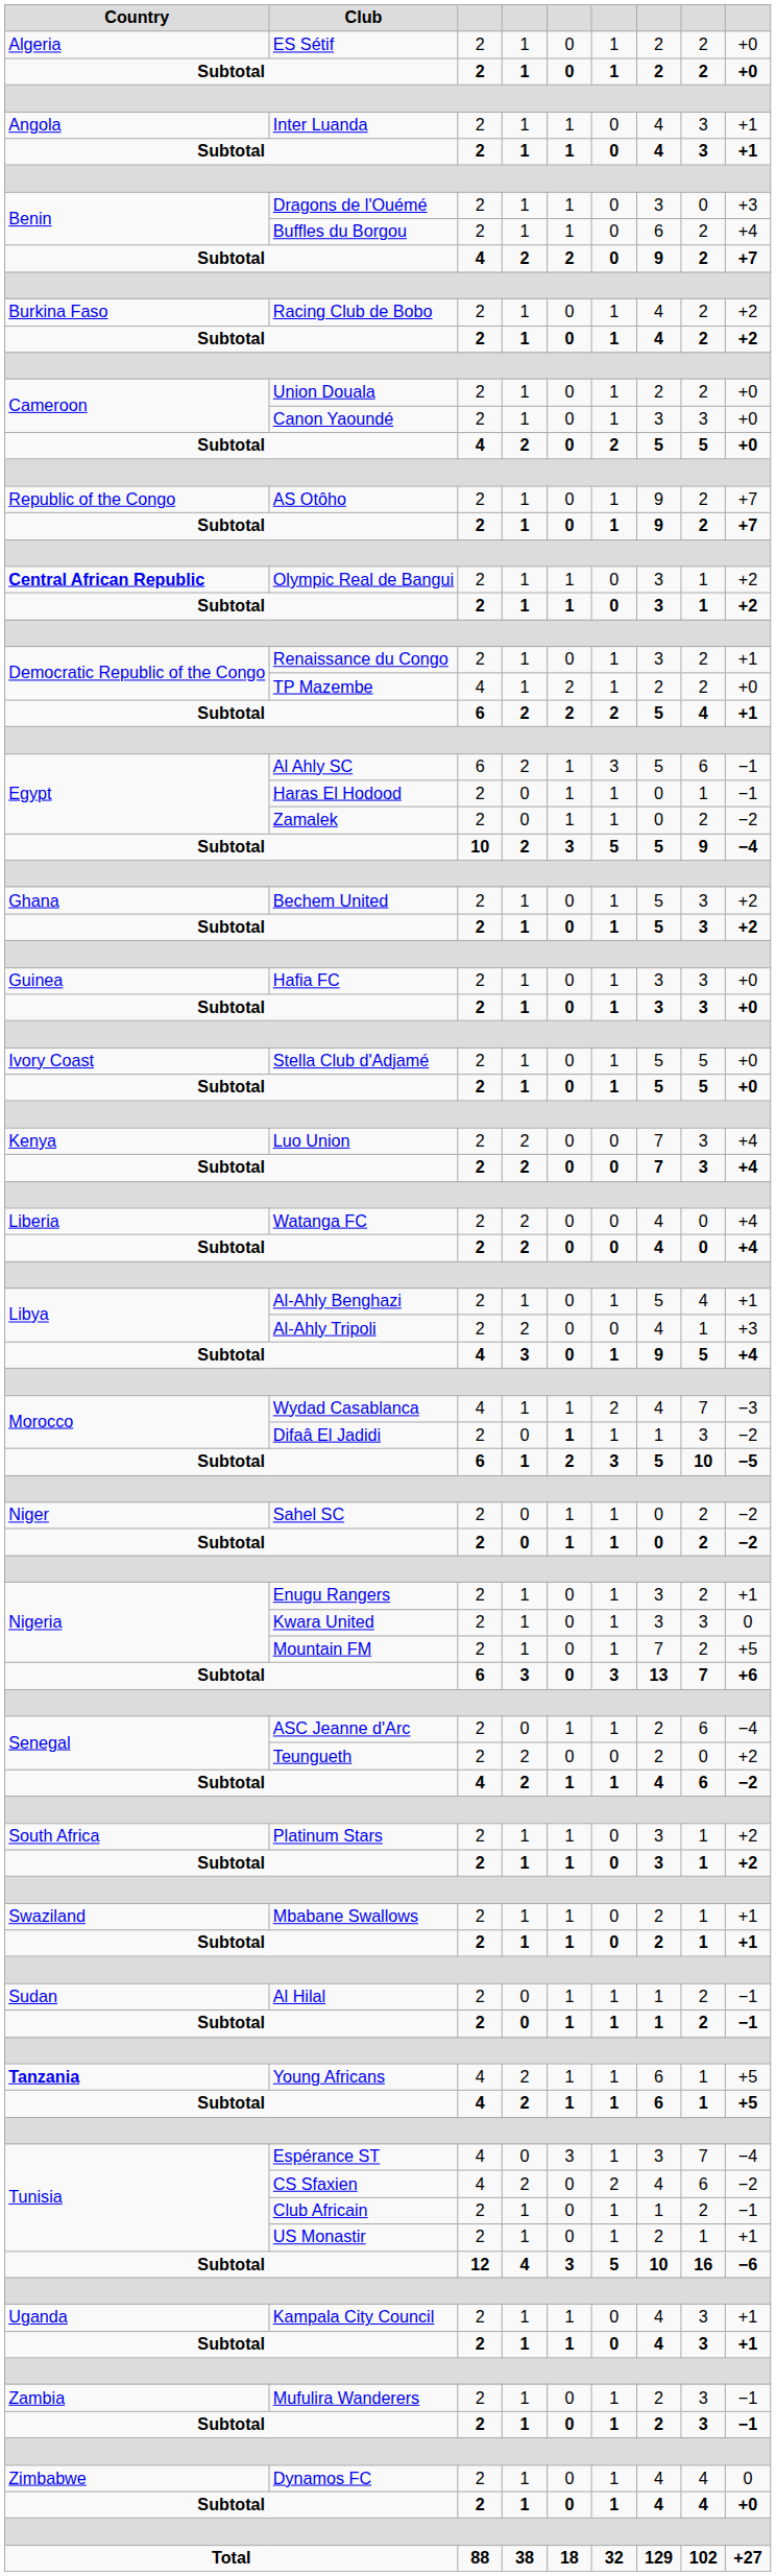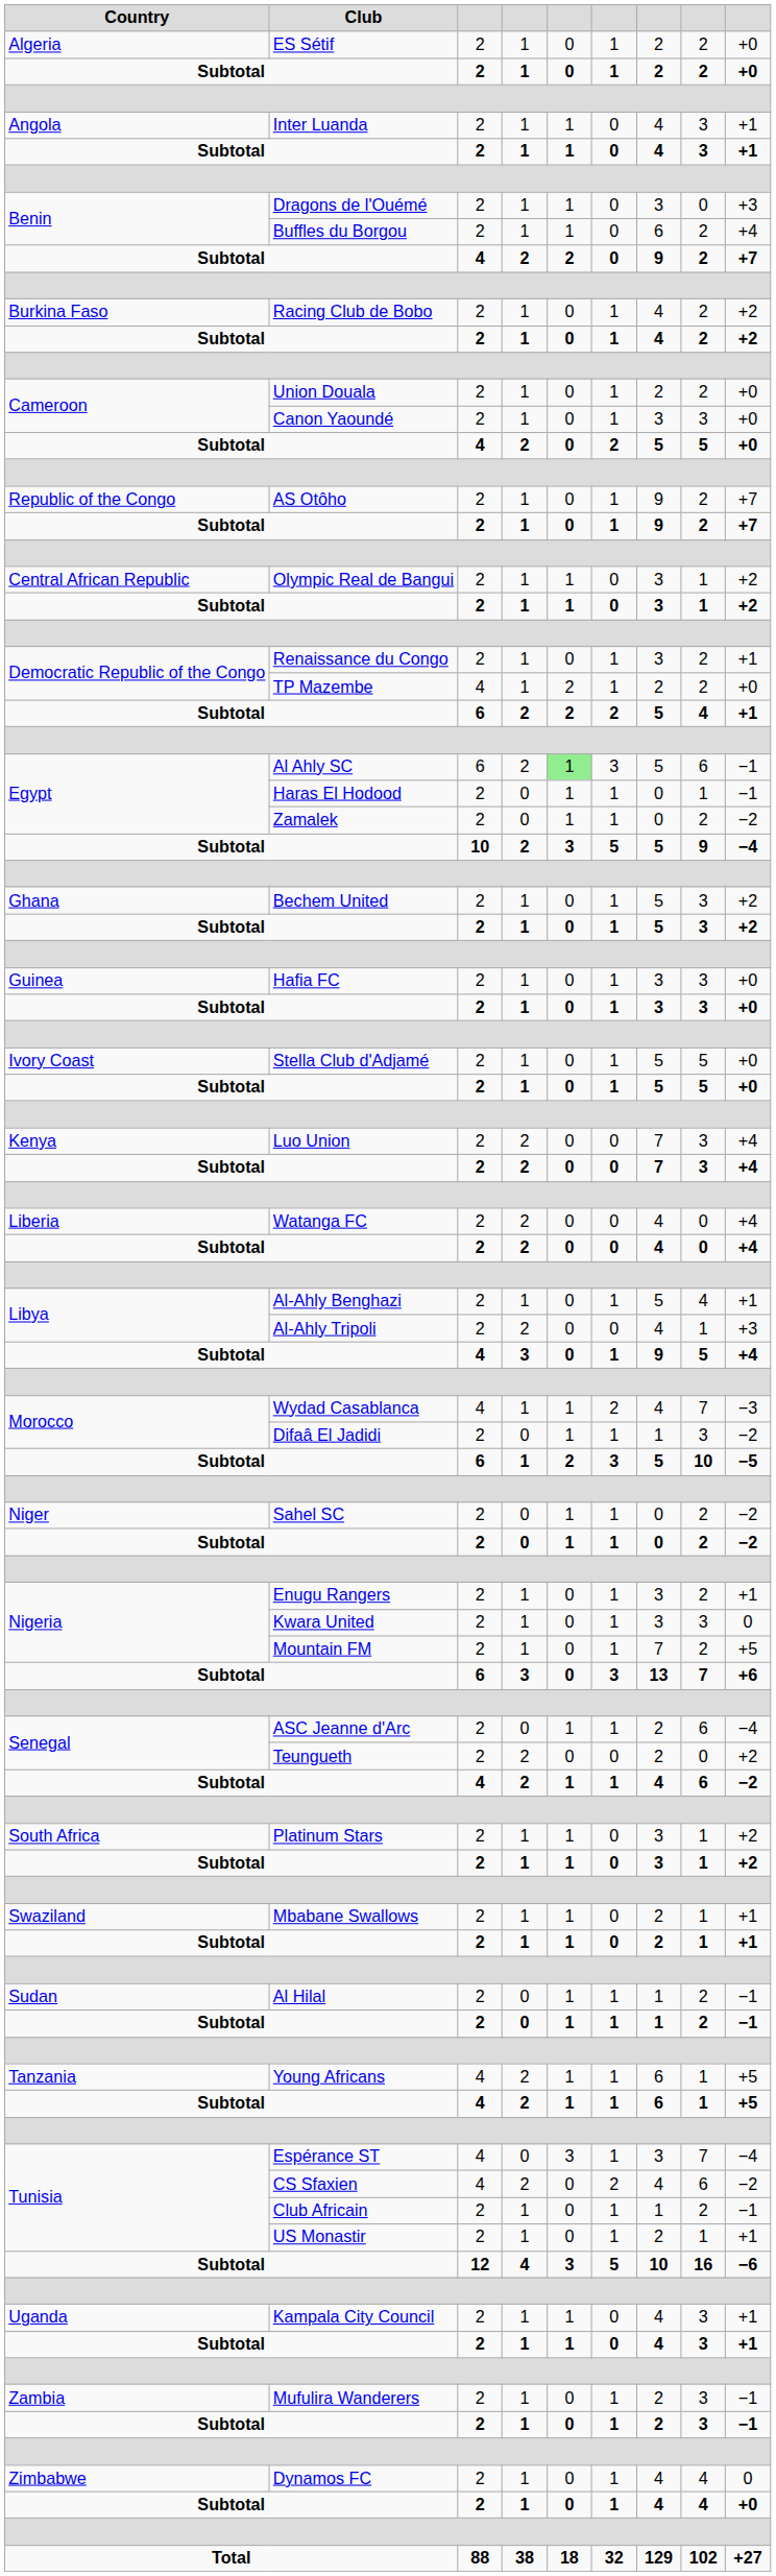 <table class="wikitable" style="text-align: center;">
 <tr>
 <th style="background:#DCDCDC">Country</th>
 <th style="background:#DCDCDC">Club</th>
 <th width="35" style="background:#DCDCDC"></th>
 <th width="35" style="background:#DCDCDC"></th>
 <th width="35" style="background:#DCDCDC"></th>
 <th width="35" style="background:#DCDCDC"></th>
 <th width="35" style="background:#DCDCDC"></th>
 <th width="35" style="background:#DCDCDC"></th>
 <th width="35" style="background:#DCDCDC"></th>
 </tr>
 <tr>
 <td align=left> <a href='#'>Algeria</a></td>
 <td align=left><a href='#'>ES Sétif</a></td>
 <td>2</td>
 <td>1</td>
 <td>0</td>
 <td>1</td>
 <td>2</td>
 <td>2</td>
 <td>+0</td>
 </tr>
 <tr>
 <td colspan=2 align-"center"><strong>Subtotal</strong></td>
 <td><strong>2</strong></td>
 <td><strong>1</strong></td>
 <td><strong>0</strong></td>
 <td><strong>1</strong></td>
 <td><strong>2</strong></td>
 <td><strong>2</strong></td>
 <td><strong>+0</strong></td>
 </tr>
 <tr>
 <th colspan=9 height="18" style="background:#DCDCDC"></th>
 </tr>
 <tr>
 <td align=left> <a href='#'>Angola</a></td>
 <td align=left><a href='#'>Inter Luanda</a></td>
 <td>2</td>
 <td>1</td>
 <td>1</td>
 <td>0</td>
 <td>4</td>
 <td>3</td>
 <td>+1</td>
 </tr>
 <tr>
 <td colspan=2 align-"center"><strong>Subtotal</strong></td>
 <td><strong>2</strong></td>
 <td><strong>1</strong></td>
 <td><strong>1</strong></td>
 <td><strong>0</strong></td>
 <td><strong>4</strong></td>
 <td><strong>3</strong></td>
 <td><strong>+1</strong></td>
 </tr>
 <tr>
 <th colspan=9 height="18" style="background:#DCDCDC"></th>
 </tr>
 <tr>
 <td rowspan=2 align=left> <a href='#'>Benin</a></td>
 <td align=left><a href='#'>Dragons de l'Ouémé</a></td>
 <td>2</td>
 <td>1</td>
 <td>1</td>
 <td>0</td>
 <td>3</td>
 <td>0</td>
 <td>+3</td>
 </tr>
 <tr>
 <td align=left><a href='#'>Buffles du Borgou</a></td>
 <td>2</td>
 <td>1</td>
 <td>1</td>
 <td>0</td>
 <td>6</td>
 <td>2</td>
 <td>+4</td>
 </tr>
 <tr>
 <td colspan=2 align-"center"><strong>Subtotal</strong></td>
 <td><strong>4</strong></td>
 <td><strong>2</strong></td>
 <td><strong>2</strong></td>
 <td><strong>0</strong></td>
 <td><strong>9</strong></td>
 <td><strong>2</strong></td>
 <td><strong>+7</strong></td>
 </tr>
 <tr>
 <th colspan=9 height="18" style="background:#DCDCDC"></th>
 </tr>
 <tr>
 <td align=left> <a href='#'>Burkina Faso</a></td>
 <td align=left><a href='#'>Racing Club de Bobo</a></td>
 <td>2</td>
 <td>1</td>
 <td>0</td>
 <td>1</td>
 <td>4</td>
 <td>2</td>
 <td>+2</td>
 </tr>
 <tr>
 <td colspan=2 align-"center"><strong>Subtotal</strong></td>
 <td><strong>2</strong></td>
 <td><strong>1</strong></td>
 <td><strong>0</strong></td>
 <td><strong>1</strong></td>
 <td><strong>4</strong></td>
 <td><strong>2</strong></td>
 <td><strong>+2</strong></td>
 </tr>
 <tr>
 <th colspan=9 height="18" style="background:#DCDCDC"></th>
 </tr>
 <tr>
 <td rowspan=2 align=left> <a href='#'>Cameroon</a></td>
 <td align=left><a href='#'>Union Douala</a></td>
 <td>2</td>
 <td>1</td>
 <td>0</td>
 <td>1</td>
 <td>2</td>
 <td>2</td>
 <td>+0</td>
 </tr>
 <tr>
 <td align=left><a href='#'>Canon Yaoundé</a></td>
 <td>2</td>
 <td>1</td>
 <td>0</td>
 <td>1</td>
 <td>3</td>
 <td>3</td>
 <td>+0</td>
 </tr>
 <tr>
 <td colspan=2 align-"center"><strong>Subtotal</strong></td>
 <td><strong>4</strong></td>
 <td><strong>2</strong></td>
 <td><strong>0</strong></td>
 <td><strong>2</strong></td>
 <td><strong>5</strong></td>
 <td><strong>5</strong></td>
 <td><strong>+0</strong></td>
 </tr>
 <tr>
 <th colspan=9 height="18" style="background:#DCDCDC"></th>
 </tr>
 <tr>
 <td align=left> <a href='#'>Republic of the Congo</a></td>
 <td align=left><a href='#'>AS Otôho</a></td>
 <td>2</td>
 <td>1</td>
 <td>0</td>
 <td>1</td>
 <td>9</td>
 <td>2</td>
 <td>+7</td>
 </tr>
 <tr>
 <td colspan=2 align-"center"><strong>Subtotal</strong></td>
 <td><strong>2</strong></td>
 <td><strong>1</strong></td>
 <td><strong>0</strong></td>
 <td><strong>1</strong></td>
 <td><strong>9</strong></td>
 <td><strong>2</strong></td>
 <td><strong>+7</strong></td>
 </tr>
 <tr>
 <th colspan=9 height="18" style="background:#DCDCDC"></th>
 </tr>
 <tr>
-<td align=left><strong> <a href='#'>Central African Republic</a></strong></td>
+<td align=left> <a href='#'>Central African Republic</a></td>
 <td align=left><a href='#'>Olympic Real de Bangui</a></td>
 <td>2</td>
 <td>1</td>
 <td>1</td>
 <td>0</td>
 <td>3</td>
 <td>1</td>
 <td>+2</td>
 </tr>
 <tr>
 <td colspan=2 align-"center"><strong>Subtotal</strong></td>
 <td><strong>2</strong></td>
 <td><strong>1</strong></td>
 <td><strong>1</strong></td>
 <td><strong>0</strong></td>
 <td><strong>3</strong></td>
 <td><strong>1</strong></td>
 <td><strong>+2</strong></td>
 </tr>
 <tr>
 <th colspan=9 height="18" style="background:#DCDCDC"></th>
 </tr>
 <tr>
 <td rowspan=2 align=left> <a href='#'>Democratic Republic of the Congo</a></td>
 <td align=left><a href='#'>Renaissance du Congo</a></td>
 <td>2</td>
 <td>1</td>
 <td>0</td>
 <td>1</td>
 <td>3</td>
 <td>2</td>
 <td>+1</td>
 </tr>
 <tr>
 <td align=left><a href='#'>TP Mazembe</a></td>
 <td>4</td>
 <td>1</td>
 <td>2</td>
 <td>1</td>
 <td>2</td>
 <td>2</td>
 <td>+0</td>
 </tr>
 <tr>
 <td colspan=2 align-"center"><strong>Subtotal</strong></td>
 <td><strong>6</strong></td>
 <td><strong>2</strong></td>
 <td><strong>2</strong></td>
 <td><strong>2</strong></td>
 <td><strong>5</strong></td>
 <td><strong>4</strong></td>
 <td><strong>+1</strong></td>
 </tr>
 <tr>
 <th colspan=9 height="18" style="background:#DCDCDC"></th>
 </tr>
 <tr>
 <td rowspan=3 align=left> <a href='#'>Egypt</a></td>
 <td align=left><a href='#'>Al Ahly SC</a></td>
 <td>6</td>
 <td>2</td>
-<td>1</td>
+<td style="background: lightgreen;">1</td>
 <td>3</td>
 <td>5</td>
 <td>6</td>
 <td>−1</td>
 </tr>
 <tr>
 <td align=left><a href='#'>Haras El Hodood</a></td>
 <td>2</td>
 <td>0</td>
 <td>1</td>
 <td>1</td>
 <td>0</td>
 <td>1</td>
 <td>−1</td>
 </tr>
 <tr>
 <td align=left><a href='#'>Zamalek</a></td>
 <td>2</td>
 <td>0</td>
 <td>1</td>
 <td>1</td>
 <td>0</td>
 <td>2</td>
 <td>−2</td>
 </tr>
 <tr>
 <td colspan=2 align-"center"><strong>Subtotal</strong></td>
 <td><strong>10</strong></td>
 <td><strong>2</strong></td>
 <td><strong>3</strong></td>
 <td><strong>5</strong></td>
 <td><strong>5</strong></td>
 <td><strong>9</strong></td>
 <td><strong>−4</strong></td>
 </tr>
 <tr>
 <th colspan=9 height="18" style="background:#DCDCDC"></th>
 </tr>
 <tr>
 <td align=left> <a href='#'>Ghana</a></td>
 <td align=left><a href='#'>Bechem United</a></td>
 <td>2</td>
 <td>1</td>
 <td>0</td>
 <td>1</td>
 <td>5</td>
 <td>3</td>
 <td>+2</td>
 </tr>
 <tr>
 <td colspan=2 align-"center"><strong>Subtotal</strong></td>
 <td><strong>2</strong></td>
 <td><strong>1</strong></td>
 <td><strong>0</strong></td>
 <td><strong>1</strong></td>
 <td><strong>5</strong></td>
 <td><strong>3</strong></td>
 <td><strong>+2</strong></td>
 </tr>
 <tr>
 <th colspan=9 height="18" style="background:#DCDCDC"></th>
 </tr>
 <tr>
 <td align=left> <a href='#'>Guinea</a></td>
 <td align=left><a href='#'>Hafia FC</a></td>
 <td>2</td>
 <td>1</td>
 <td>0</td>
 <td>1</td>
 <td>3</td>
 <td>3</td>
 <td>+0</td>
 </tr>
 <tr>
 <td colspan=2 align-"center"><strong>Subtotal</strong></td>
 <td><strong>2</strong></td>
 <td><strong>1</strong></td>
 <td><strong>0</strong></td>
 <td><strong>1</strong></td>
 <td><strong>3</strong></td>
 <td><strong>3</strong></td>
 <td><strong>+0</strong></td>
 </tr>
 <tr>
 <th colspan=9 height="18" style="background:#DCDCDC"></th>
 </tr>
 <tr>
 <td align=left> <a href='#'>Ivory Coast</a></td>
 <td align=left><a href='#'>Stella Club d'Adjamé</a></td>
 <td>2</td>
 <td>1</td>
 <td>0</td>
 <td>1</td>
 <td>5</td>
 <td>5</td>
 <td>+0</td>
 </tr>
 <tr>
 <td colspan=2 align-"center"><strong>Subtotal</strong></td>
 <td><strong>2</strong></td>
 <td><strong>1</strong></td>
 <td><strong>0</strong></td>
 <td><strong>1</strong></td>
 <td><strong>5</strong></td>
 <td><strong>5</strong></td>
 <td><strong>+0</strong></td>
 </tr>
 <tr>
 <th colspan=9 height="18" style="background:#DCDCDC"></th>
 </tr>
 <tr>
 <td align=left> <a href='#'>Kenya</a></td>
 <td align=left><a href='#'>Luo Union</a></td>
 <td>2</td>
 <td>2</td>
 <td>0</td>
 <td>0</td>
 <td>7</td>
 <td>3</td>
 <td>+4</td>
 </tr>
 <tr>
 <td colspan=2 align-"center"><strong>Subtotal</strong></td>
 <td><strong>2</strong></td>
 <td><strong>2</strong></td>
 <td><strong>0</strong></td>
 <td><strong>0</strong></td>
 <td><strong>7</strong></td>
 <td><strong>3</strong></td>
 <td><strong>+4</strong></td>
 </tr>
 <tr>
 <th colspan=9 height="18" style="background:#DCDCDC"></th>
 </tr>
 <tr>
 <td align=left> <a href='#'>Liberia</a></td>
 <td align=left><a href='#'>Watanga FC</a></td>
 <td>2</td>
 <td>2</td>
 <td>0</td>
 <td>0</td>
 <td>4</td>
 <td>0</td>
 <td>+4</td>
 </tr>
 <tr>
 <td colspan=2 align-"center"><strong>Subtotal</strong></td>
 <td><strong>2</strong></td>
 <td><strong>2</strong></td>
 <td><strong>0</strong></td>
 <td><strong>0</strong></td>
 <td><strong>4</strong></td>
 <td><strong>0</strong></td>
 <td><strong>+4</strong></td>
 </tr>
 <tr>
 <th colspan=9 height="18" style="background:#DCDCDC"></th>
 </tr>
 <tr>
 <td rowspan=2 align=left> <a href='#'>Libya</a></td>
 <td align=left><a href='#'>Al-Ahly Benghazi</a></td>
 <td>2</td>
 <td>1</td>
 <td>0</td>
 <td>1</td>
 <td>5</td>
 <td>4</td>
 <td>+1</td>
 </tr>
 <tr>
 <td align=left><a href='#'>Al-Ahly Tripoli</a></td>
 <td>2</td>
 <td>2</td>
 <td>0</td>
 <td>0</td>
 <td>4</td>
 <td>1</td>
 <td>+3</td>
 </tr>
 <tr>
 <td colspan=2 align-"center"><strong>Subtotal</strong></td>
 <td><strong>4</strong></td>
 <td><strong>3</strong></td>
 <td><strong>0</strong></td>
 <td><strong>1</strong></td>
 <td><strong>9</strong></td>
 <td><strong>5</strong></td>
 <td><strong>+4</strong></td>
 </tr>
 <tr>
 <th colspan=9 height="18" style="background:#DCDCDC"></th>
 </tr>
 <tr>
 <td rowspan=2 align=left> <a href='#'>Morocco</a></td>
 <td align=left><a href='#'>Wydad Casablanca</a></td>
 <td>4</td>
 <td>1</td>
 <td>1</td>
 <td>2</td>
 <td>4</td>
 <td>7</td>
 <td>−3</td>
 </tr>
 <tr>
 <td align=left><a href='#'>Difaâ El Jadidi</a></td>
 <td>2</td>
 <td>0</td>
-<td><strong>1</strong></td>
+<td>1</td>
 <td>1</td>
 <td>1</td>
 <td>3</td>
 <td>−2</td>
 </tr>
 <tr>
 <td colspan=2 align-"center"><strong>Subtotal</strong></td>
 <td><strong>6</strong></td>
 <td><strong>1</strong></td>
 <td><strong>2</strong></td>
 <td><strong>3</strong></td>
 <td><strong>5</strong></td>
 <td><strong>10</strong></td>
 <td><strong>−5</strong></td>
 </tr>
 <tr>
 <th colspan=9 height="18" style="background:#DCDCDC"></th>
 </tr>
 <tr>
 <td align=left> <a href='#'>Niger</a></td>
 <td align=left><a href='#'>Sahel SC</a></td>
 <td>2</td>
 <td>0</td>
 <td>1</td>
 <td>1</td>
 <td>0</td>
 <td>2</td>
 <td>−2</td>
 </tr>
 <tr>
 <td colspan=2 align-"center"><strong>Subtotal</strong></td>
 <td><strong>2</strong></td>
 <td><strong>0</strong></td>
 <td><strong>1</strong></td>
 <td><strong>1</strong></td>
 <td><strong>0</strong></td>
 <td><strong>2</strong></td>
 <td><strong>−2</strong></td>
 </tr>
 <tr>
 <th colspan=9 height="18" style="background:#DCDCDC"></th>
 </tr>
 <tr>
 <td rowspan=3 align=left> <a href='#'>Nigeria</a></td>
 <td align=left><a href='#'>Enugu Rangers</a></td>
 <td>2</td>
 <td>1</td>
 <td>0</td>
 <td>1</td>
 <td>3</td>
 <td>2</td>
 <td>+1</td>
 </tr>
 <tr>
 <td align=left><a href='#'>Kwara United</a></td>
 <td>2</td>
 <td>1</td>
 <td>0</td>
 <td>1</td>
 <td>3</td>
 <td>3</td>
 <td>0</td>
 </tr>
 <tr>
 <td align=left><a href='#'>Mountain FM</a></td>
 <td>2</td>
 <td>1</td>
 <td>0</td>
 <td>1</td>
 <td>7</td>
 <td>2</td>
 <td>+5</td>
 </tr>
 <tr>
 <td colspan=2 align-"center"><strong>Subtotal</strong></td>
 <td><strong>6</strong></td>
 <td><strong>3</strong></td>
 <td><strong>0</strong></td>
 <td><strong>3</strong></td>
 <td><strong>13</strong></td>
 <td><strong>7</strong></td>
 <td><strong>+6</strong></td>
 </tr>
 <tr>
 <th colspan=9 height="18" style="background:#DCDCDC"></th>
 </tr>
 <tr>
 <td rowspan=2 align=left> <a href='#'>Senegal</a></td>
 <td align=left><a href='#'>ASC Jeanne d'Arc</a></td>
 <td>2</td>
 <td>0</td>
 <td>1</td>
 <td>1</td>
 <td>2</td>
 <td>6</td>
 <td>−4</td>
 </tr>
 <tr>
 <td align=left><a href='#'>Teungueth</a></td>
 <td>2</td>
 <td>2</td>
 <td>0</td>
 <td>0</td>
 <td>2</td>
 <td>0</td>
 <td>+2</td>
 </tr>
 <tr>
 <td colspan=2 align-"center"><strong>Subtotal</strong></td>
 <td><strong>4</strong></td>
 <td><strong>2</strong></td>
 <td><strong>1</strong></td>
 <td><strong>1</strong></td>
 <td><strong>4</strong></td>
 <td><strong>6</strong></td>
 <td><strong>−2</strong></td>
 </tr>
 <tr>
 <th colspan=9 height="18" style="background:#DCDCDC"></th>
 </tr>
 <tr>
 <td align=left> <a href='#'>South Africa</a></td>
 <td align=left><a href='#'>Platinum Stars</a></td>
 <td>2</td>
 <td>1</td>
 <td>1</td>
 <td>0</td>
 <td>3</td>
 <td>1</td>
 <td>+2</td>
 </tr>
 <tr>
 <td colspan=2 align-"center"><strong>Subtotal</strong></td>
 <td><strong>2</strong></td>
 <td><strong>1</strong></td>
 <td><strong>1</strong></td>
 <td><strong>0</strong></td>
 <td><strong>3</strong></td>
 <td><strong>1</strong></td>
 <td><strong>+2</strong></td>
 </tr>
 <tr>
 <th colspan=9 height="18" style="background:#DCDCDC"></th>
 </tr>
 <tr>
 <td align=left> <a href='#'>Swaziland</a></td>
 <td align=left><a href='#'>Mbabane Swallows</a></td>
 <td>2</td>
 <td>1</td>
 <td>1</td>
 <td>0</td>
 <td>2</td>
 <td>1</td>
 <td>+1</td>
 </tr>
 <tr>
 <td colspan=2 align-"center"><strong>Subtotal</strong></td>
 <td><strong>2</strong></td>
 <td><strong>1</strong></td>
 <td><strong>1</strong></td>
 <td><strong>0</strong></td>
 <td><strong>2</strong></td>
 <td><strong>1</strong></td>
 <td><strong>+1</strong></td>
 </tr>
 <tr>
 <th colspan=9 height="18" style="background:#DCDCDC"></th>
 </tr>
 <tr>
 <td align=left> <a href='#'>Sudan</a></td>
 <td align=left><a href='#'>Al Hilal</a></td>
 <td>2</td>
 <td>0</td>
 <td>1</td>
 <td>1</td>
 <td>1</td>
 <td>2</td>
 <td>−1</td>
 </tr>
 <tr>
 <td colspan=2 align-"center"><strong>Subtotal</strong></td>
 <td><strong>2</strong></td>
 <td><strong>0</strong></td>
 <td><strong>1</strong></td>
 <td><strong>1</strong></td>
 <td><strong>1</strong></td>
 <td><strong>2</strong></td>
 <td><strong>−1</strong></td>
 </tr>
 <tr>
 <th colspan=9 height="18" style="background:#DCDCDC"></th>
 </tr>
 <tr>
-<td align=left><strong> <a href='#'>Tanzania</a></strong></td>
+<td align=left> <a href='#'>Tanzania</a></td>
 <td align=left><a href='#'>Young Africans</a></td>
 <td>4</td>
 <td>2</td>
 <td>1</td>
 <td>1</td>
 <td>6</td>
 <td>1</td>
 <td>+5</td>
 </tr>
 <tr>
 <td colspan=2 align-"center"><strong>Subtotal</strong></td>
 <td><strong>4</strong></td>
 <td><strong>2</strong></td>
 <td><strong>1</strong></td>
 <td><strong>1</strong></td>
 <td><strong>6</strong></td>
 <td><strong>1</strong></td>
 <td><strong>+5</strong></td>
 </tr>
 <tr>
 <th colspan=9 height="18" style="background:#DCDCDC"></th>
 </tr>
 <tr>
 <td rowspan=4 align=left> <a href='#'>Tunisia</a></td>
 <td align=left><a href='#'>Espérance ST</a></td>
 <td>4</td>
 <td>0</td>
 <td>3</td>
 <td>1</td>
 <td>3</td>
 <td>7</td>
 <td>−4</td>
 </tr>
 <tr>
 <td align=left><a href='#'>CS Sfaxien</a></td>
 <td>4</td>
 <td>2</td>
 <td>0</td>
 <td>2</td>
 <td>4</td>
 <td>6</td>
 <td>−2</td>
 </tr>
 <tr>
 <td align=left><a href='#'>Club Africain</a></td>
 <td>2</td>
 <td>1</td>
 <td>0</td>
 <td>1</td>
 <td>1</td>
 <td>2</td>
 <td>−1</td>
 </tr>
 <tr>
 <td align=left><a href='#'>US Monastir</a></td>
 <td>2</td>
 <td>1</td>
 <td>0</td>
 <td>1</td>
 <td>2</td>
 <td>1</td>
 <td>+1</td>
 </tr>
 <tr>
 <td colspan=2 align-"center"><strong>Subtotal</strong></td>
 <td><strong>12</strong></td>
 <td><strong>4</strong></td>
 <td><strong>3</strong></td>
 <td><strong>5</strong></td>
 <td><strong>10</strong></td>
 <td><strong>16</strong></td>
 <td><strong>−6</strong></td>
 </tr>
 <tr>
 <th colspan=9 height="18" style="background:#DCDCDC"></th>
 </tr>
 <tr>
 <td align=left> <a href='#'>Uganda</a></td>
 <td align=left><a href='#'>Kampala City Council</a></td>
 <td>2</td>
 <td>1</td>
 <td>1</td>
 <td>0</td>
 <td>4</td>
 <td>3</td>
 <td>+1</td>
 </tr>
 <tr>
 <td colspan=2 align-"center"><strong>Subtotal</strong></td>
 <td><strong>2</strong></td>
 <td><strong>1</strong></td>
 <td><strong>1</strong></td>
 <td><strong>0</strong></td>
 <td><strong>4</strong></td>
 <td><strong>3</strong></td>
 <td><strong>+1</strong></td>
 </tr>
 <tr>
 <th colspan=9 height="18" style="background:#DCDCDC"></th>
 </tr>
 <tr>
 <td align=left> <a href='#'>Zambia</a></td>
 <td align=left><a href='#'>Mufulira Wanderers</a></td>
 <td>2</td>
 <td>1</td>
 <td>0</td>
 <td>1</td>
 <td>2</td>
 <td>3</td>
 <td>−1</td>
 </tr>
 <tr>
 <td colspan=2 align-"center"><strong>Subtotal</strong></td>
 <td><strong>2</strong></td>
 <td><strong>1</strong></td>
 <td><strong>0</strong></td>
 <td><strong>1</strong></td>
 <td><strong>2</strong></td>
 <td><strong>3</strong></td>
 <td><strong>−1</strong></td>
 </tr>
 <tr>
 <th colspan=9 height="18" style="background:#DCDCDC"></th>
 </tr>
 <tr>
 <td align=left> <a href='#'>Zimbabwe</a></td>
 <td align=left><a href='#'>Dynamos FC</a></td>
 <td>2</td>
 <td>1</td>
 <td>0</td>
 <td>1</td>
 <td>4</td>
 <td>4</td>
 <td>0</td>
 </tr>
 <tr>
 <td colspan=2 align-"center"><strong>Subtotal</strong></td>
 <td><strong>2</strong></td>
 <td><strong>1</strong></td>
 <td><strong>0</strong></td>
 <td><strong>1</strong></td>
 <td><strong>4</strong></td>
 <td><strong>4</strong></td>
 <td><strong>+0</strong></td>
 </tr>
 <tr>
 <th colspan=9 height="18" style="background:#DCDCDC"></th>
 </tr>
 <tr>
 <td colspan=2 align-"center"><strong>Total</strong></td>
 <td><strong>88</strong></td>
 <td><strong>38</strong></td>
 <td><strong>18</strong></td>
 <td><strong>32</strong></td>
 <td><strong>129</strong></td>
 <td><strong>102</strong></td>
 <td><strong>+27</strong></td>
 </tr>
 <tr>
 </tr>
 </table>
